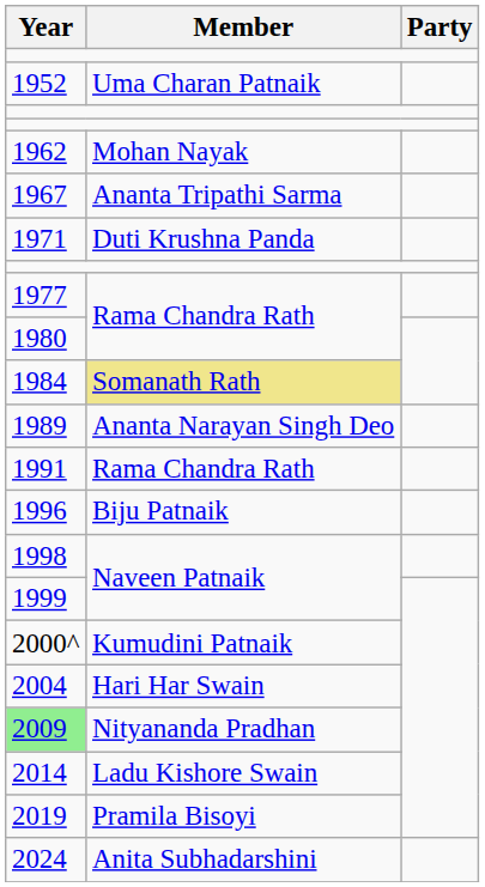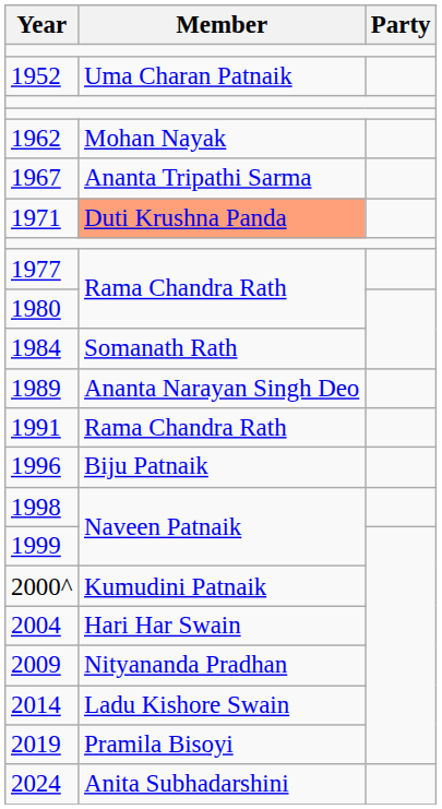 <table class="wikitable sortable">
 <tr>
 <th>Year</th>
 <th>Member</th>
 <th colspan="2">Party</th>
 </tr>
 <tr>
 <td colspan="4"></td>
 </tr>
 <tr>
 <td><a href='#'>1952</a></td>
 <td><a href='#'>Uma Charan Patnaik</a></td>
 <td></td>
 </tr>
 <tr>
 <td colspan="4"></td>
 </tr>
 <tr>
 <td colspan="4"></td>
 </tr>
 <tr>
 <td><a href='#'>1962</a></td>
 <td><a href='#'>Mohan Nayak</a></td>
 <td></td>
 </tr>
 <tr>
 <td><a href='#'>1967</a></td>
 <td><a href='#'>Ananta Tripathi Sarma</a></td>
 </tr>
 <tr>
 <td><a href='#'>1971</a></td>
-<td><a href='#'>Duti Krushna Panda</a></td>
+<td style="background: lightsalmon;"><a href='#'>Duti Krushna Panda</a></td>
 <td></td>
 </tr>
 <tr>
 <td colspan="4"></td>
 </tr>
 <tr>
 <td><a href='#'>1977</a></td>
 <td rowspan="2"><a href='#'>Rama Chandra Rath</a></td>
 <td></td>
 </tr>
 <tr>
 <td><a href='#'>1980</a></td>
 </tr>
 <tr>
 <td><a href='#'>1984</a></td>
-<td style="background: khaki;"><a href='#'>Somanath Rath</a></td>
+<td><a href='#'>Somanath Rath</a></td>
 </tr>
 <tr>
 <td><a href='#'>1989</a></td>
 <td><a href='#'>Ananta Narayan Singh Deo</a></td>
 <td></td>
 </tr>
 <tr>
 <td><a href='#'>1991</a></td>
 <td><a href='#'>Rama Chandra Rath</a></td>
 <td></td>
 </tr>
 <tr>
 <td><a href='#'>1996</a></td>
 <td><a href='#'>Biju Patnaik</a></td>
 <td></td>
 </tr>
 <tr>
 <td><a href='#'>1998</a></td>
 <td rowspan="2"><a href='#'>Naveen Patnaik</a></td>
 <td></td>
 </tr>
 <tr>
 <td><a href='#'>1999</a></td>
 </tr>
 <tr>
 <td>2000^</td>
 <td><a href='#'>Kumudini Patnaik</a></td>
 </tr>
 <tr>
 <td><a href='#'>2004</a></td>
 <td><a href='#'>Hari Har Swain</a></td>
 </tr>
 <tr>
-<td style="background: lightgreen;"><a href='#'>2009</a></td>
+<td><a href='#'>2009</a></td>
 <td><a href='#'>Nityananda Pradhan</a></td>
 </tr>
 <tr>
 <td><a href='#'>2014</a></td>
 <td><a href='#'>Ladu Kishore Swain</a></td>
 </tr>
 <tr>
 <td><a href='#'>2019</a></td>
 <td><a href='#'>Pramila Bisoyi</a></td>
 </tr>
 <tr>
 <td><a href='#'>2024</a></td>
 <td><a href='#'>Anita Subhadarshini</a></td>
 <td></td>
 </tr>
 </table>
